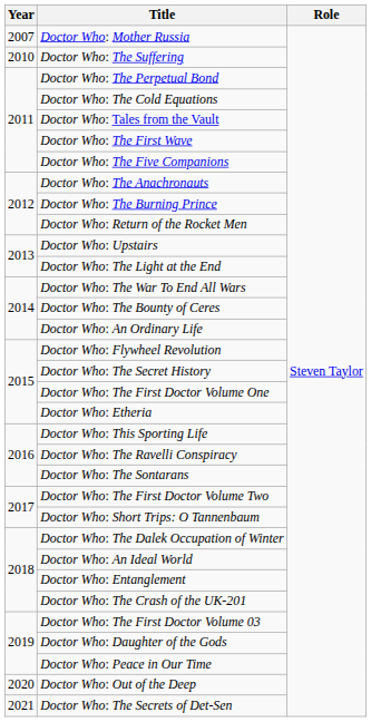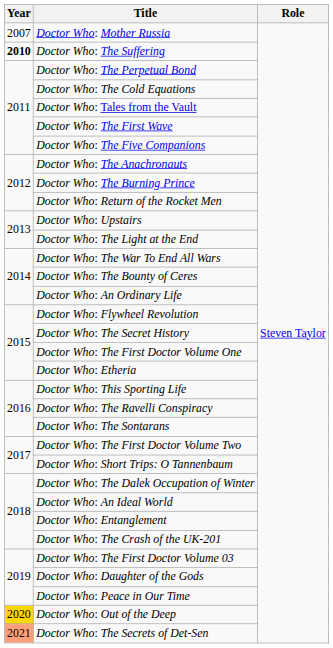 <table class="wikitable sortable">
 <tr>
 <th>Year</th>
 <th>Title</th>
 <th>Role</th>
 </tr>
 <tr>
 <td>2007</td>
 <td><em><a href='#'>Doctor Who</a></em>: <em><a href='#'>Mother Russia</a></em></td>
 <td rowspan="33"><a href='#'>Steven Taylor</a></td>
 </tr>
 <tr>
-<td>2010</td>
+<td><strong>2010</strong></td>
 <td><em>Doctor Who</em>: <em><a href='#'>The Suffering</a></em></td>
 </tr>
 <tr>
 <td rowspan=5>2011</td>
 <td><em>Doctor Who</em>: <em><a href='#'>The Perpetual Bond</a></em></td>
 </tr>
 <tr>
 <td><em>Doctor Who</em>: <em>The Cold Equations</em></td>
 </tr>
 <tr>
 <td><em>Doctor Who</em>: <a href='#'>Tales from the Vault</a></td>
 </tr>
 <tr>
 <td><em>Doctor Who</em>: <em><a href='#'>The First Wave</a></em></td>
 </tr>
 <tr>
 <td><em>Doctor Who</em>: <em><a href='#'>The Five Companions</a></em></td>
 </tr>
 <tr>
 <td rowspan=3>2012</td>
 <td><em>Doctor Who</em>: <em><a href='#'>The Anachronauts</a></em></td>
 </tr>
 <tr>
 <td><em>Doctor Who</em>: <em><a href='#'>The Burning Prince</a></em></td>
 </tr>
 <tr>
 <td><em>Doctor Who</em>: <em>Return of the Rocket Men</em></td>
 </tr>
 <tr>
 <td rowspan=2>2013</td>
 <td><em>Doctor Who</em>: <em>Upstairs</em></td>
 </tr>
 <tr>
 <td><em>Doctor Who</em>: <em>The Light at the End</em></td>
 </tr>
 <tr>
 <td rowspan=3>2014</td>
 <td><em>Doctor Who</em>: <em>The War To End All Wars</em></td>
 </tr>
 <tr>
 <td><em>Doctor Who</em>: <em>The Bounty of Ceres</em></td>
 </tr>
 <tr>
 <td><em>Doctor Who</em>: <em>An Ordinary Life</em></td>
 </tr>
 <tr>
 <td rowspan=4>2015</td>
 <td><em>Doctor Who</em>: <em>Flywheel Revolution</em></td>
 </tr>
 <tr>
 <td><em>Doctor Who</em>: <em>The Secret History</em></td>
 </tr>
 <tr>
 <td><em>Doctor Who</em>: <em>The First Doctor Volume One</em></td>
 </tr>
 <tr>
 <td><em>Doctor Who</em>: <em>Etheria</em></td>
 </tr>
 <tr>
 <td rowspan=3>2016</td>
 <td><em>Doctor Who</em>: <em>This Sporting Life</em></td>
 </tr>
 <tr>
 <td><em>Doctor Who</em>: <em>The Ravelli Conspiracy</em></td>
 </tr>
 <tr>
 <td><em>Doctor Who</em>: <em>The Sontarans</em></td>
 </tr>
 <tr>
 <td rowspan=2>2017</td>
 <td><em>Doctor Who</em>: <em>The First Doctor Volume Two</em></td>
 </tr>
 <tr>
 <td><em>Doctor Who</em>: <em>Short Trips: O Tannenbaum</em></td>
 </tr>
 <tr>
 <td rowspan=4>2018</td>
 <td><em>Doctor Who</em>: <em>The Dalek Occupation of Winter</em></td>
 </tr>
 <tr>
 <td><em>Doctor Who</em>: <em>An Ideal World</em></td>
 </tr>
 <tr>
 <td><em>Doctor Who</em>: <em>Entanglement</em></td>
 </tr>
 <tr>
 <td><em>Doctor Who</em>: <em>The Crash of the UK-201</em></td>
 </tr>
 <tr>
 <td rowspan=3>2019</td>
 <td><em>Doctor Who</em>: <em>The First Doctor Volume 03</em></td>
 </tr>
 <tr>
 <td><em>Doctor Who</em>: <em>Daughter of the Gods</em></td>
 </tr>
 <tr>
 <td><em>Doctor Who</em>: <em>Peace in Our Time</em></td>
 </tr>
 <tr>
-<td>2020</td>
+<td style="background: gold;">2020</td>
 <td><em>Doctor Who</em>: <em>Out of the Deep</em></td>
 </tr>
 <tr>
-<td>2021</td>
+<td style="background: lightsalmon;">2021</td>
 <td><em>Doctor Who</em>: <em>The Secrets of Det-Sen</em></td>
 </tr>
 </table>
